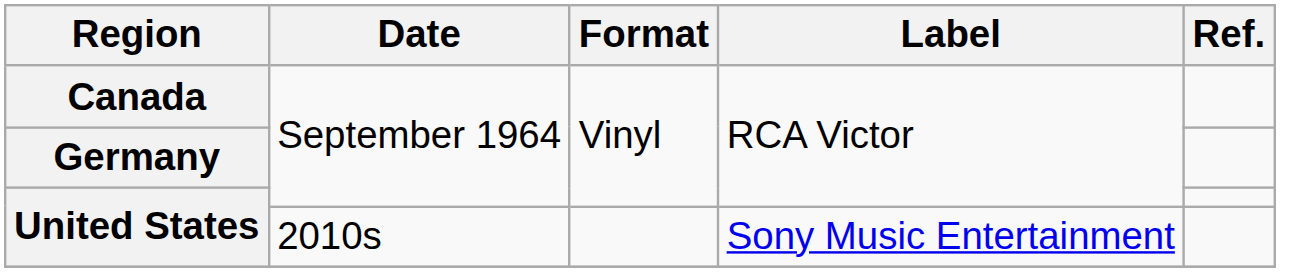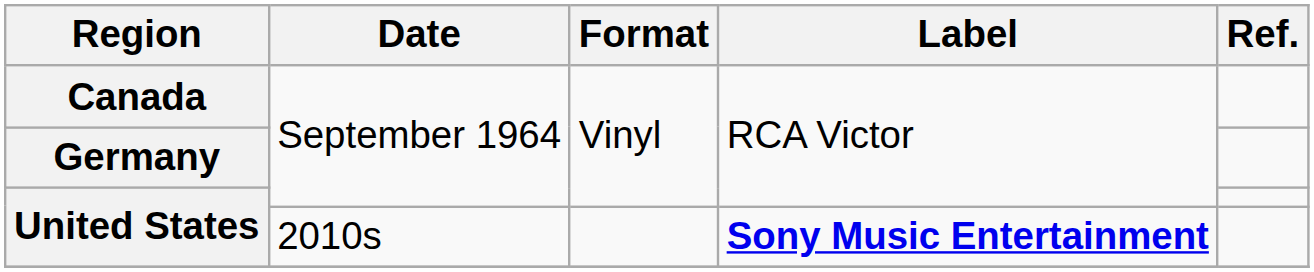 <table class="wikitable plainrowheaders">
 <tr>
 <th scope="col">Region</th>
 <th scope="col">Date</th>
 <th scope="col">Format</th>
 <th scope="col">Label</th>
 <th scope="col">Ref.</th>
 </tr>
 <tr>
 <th scope="row">Canada</th>
 <td rowspan="3">September 1964</td>
 <td rowspan="3">Vinyl</td>
 <td rowspan="3">RCA Victor</td>
 <td></td>
 </tr>
 <tr>
 <th scope="row">Germany</th>
 <td></td>
 </tr>
 <tr>
 <th scope="row" rowspan="2">United States</th>
 <td></td>
 </tr>
 <tr>
 <td>2010s</td>
 <td></td>
-<td><a href='#'>Sony Music Entertainment</a></td>
+<td><strong><a href='#'>Sony Music Entertainment</a></strong></td>
 <td></td>
 </tr>
 <tr>
 </tr>
 </table>
